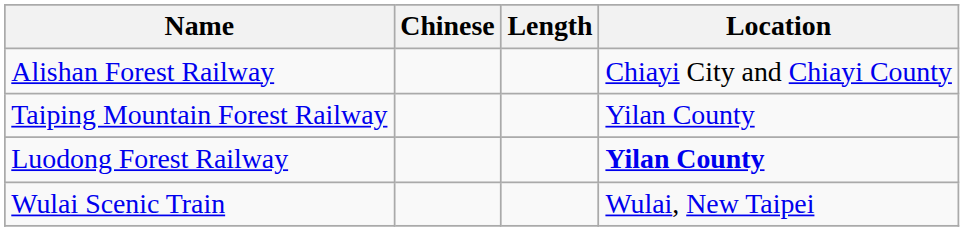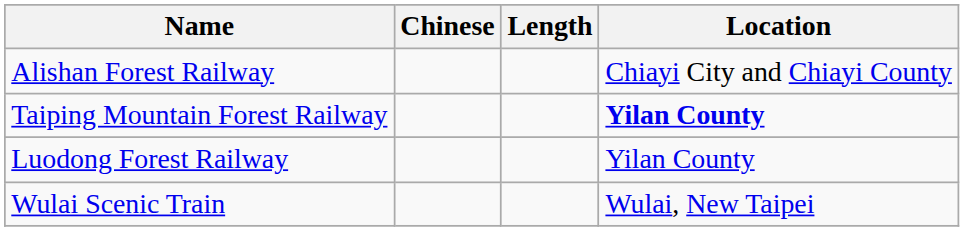 <table class=wikitable>
 <tr>
 <th>Name</th>
 <th>Chinese</th>
 <th>Length</th>
 <th colspan=2>Location</th>
 </tr>
 <tr>
 <td><a href='#'>Alishan Forest Railway</a></td>
 <td></td>
 <td></td>
 <td><a href='#'>Chiayi</a> City and <a href='#'>Chiayi County</a></td>
 </tr>
 <tr>
 <td><a href='#'>Taiping Mountain Forest Railway</a></td>
 <td></td>
 <td></td>
-<td><a href='#'>Yilan County</a></td>
+<td><strong><a href='#'>Yilan County</a></strong></td>
 </tr>
 <tr>
 <td><a href='#'>Luodong Forest Railway</a></td>
 <td></td>
 <td></td>
-<td><strong><a href='#'>Yilan County</a></strong></td>
+<td><a href='#'>Yilan County</a></td>
 </tr>
 <tr>
 <td><a href='#'>Wulai Scenic Train</a></td>
 <td></td>
 <td></td>
 <td><a href='#'>Wulai</a>, <a href='#'>New Taipei</a></td>
 </tr>
 </table>
